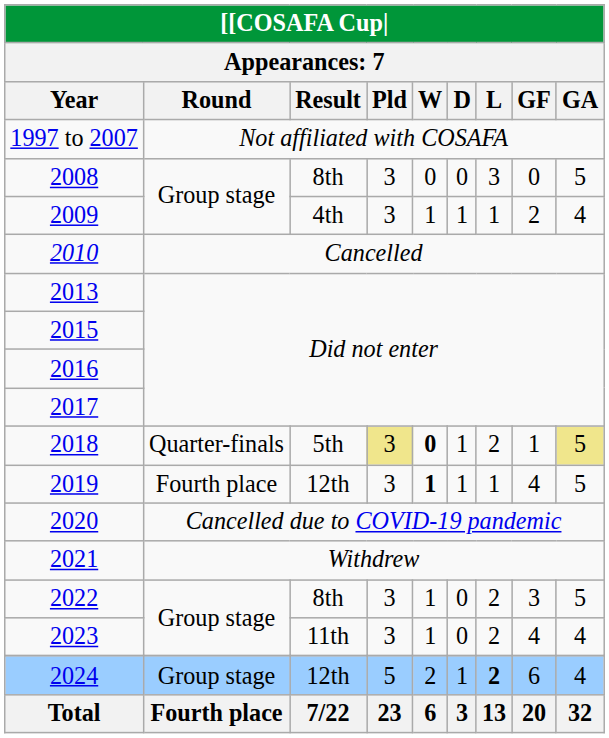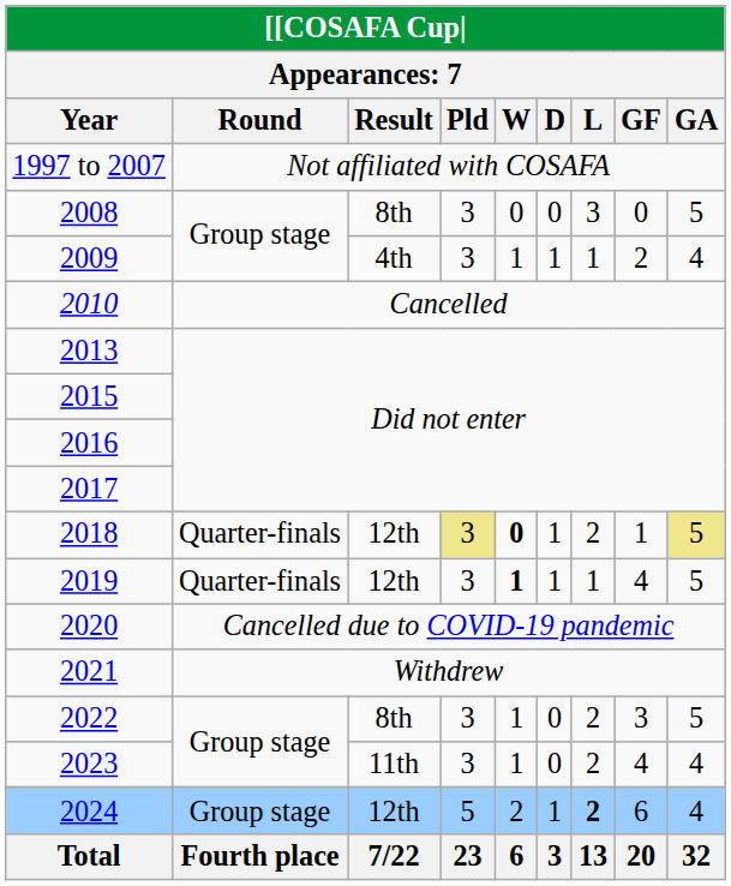 <table class="wikitable" style="text-align: center;">
 <tr>
 <th colspan=9 style="background:#009639; color:white; ">[[COSAFA Cup|</th>
 </tr>
 <tr>
 <th colspan=9>Appearances: 7</th>
 </tr>
 <tr>
 <th>Year</th>
 <th>Round</th>
 <th>Result</th>
 <th>Pld</th>
 <th>W</th>
 <th>D</th>
 <th>L</th>
 <th>GF</th>
 <th>GA</th>
 </tr>
 <tr>
 <td><a href='#'>1997</a> to <a href='#'>2007</a></td>
 <td colspan=8><em>Not affiliated with COSAFA</em></td>
 </tr>
 <tr>
 <td> <a href='#'>2008</a></td>
 <td rowspan=2>Group stage</td>
 <td>8th</td>
 <td>3</td>
 <td>0</td>
 <td>0</td>
 <td>3</td>
 <td>0</td>
 <td>5</td>
 </tr>
 <tr>
 <td> <a href='#'>2009</a></td>
 <td>4th</td>
 <td>3</td>
 <td>1</td>
 <td>1</td>
 <td>1</td>
 <td>2</td>
 <td>4</td>
 </tr>
 <tr>
 <td> <em><a href='#'>2010</a></em></td>
 <td colspan=8><em>Cancelled</em></td>
 </tr>
 <tr>
 <td> <a href='#'>2013</a></td>
 <td colspan=8 rowspan=4><em>Did not enter</em></td>
 </tr>
 <tr>
 <td> <a href='#'>2015</a></td>
 </tr>
 <tr>
 <td> <a href='#'>2016</a></td>
 </tr>
 <tr>
 <td> <a href='#'>2017</a></td>
 </tr>
 <tr>
 <td> <a href='#'>2018</a></td>
 <td>Quarter-finals</td>
-<td>5th</td>
+<td>12th</td>
 <td style="background: khaki;">3</td>
 <td><strong>0</strong></td>
 <td>1</td>
 <td>2</td>
 <td>1</td>
 <td style="background: khaki;">5</td>
 </tr>
 <tr>
 <td> <a href='#'>2019</a></td>
-<td>Fourth place</td>
+<td>Quarter-finals</td>
 <td>12th</td>
 <td>3</td>
 <td><strong>1</strong></td>
 <td>1</td>
 <td>1</td>
 <td>4</td>
 <td>5</td>
 </tr>
 <tr>
 <td> <a href='#'>2020</a></td>
 <td colspan=8><em>Cancelled due to <a href='#'>COVID-19 pandemic</a></em></td>
 </tr>
 <tr>
 <td> <a href='#'>2021</a></td>
 <td colspan="8"><em>Withdrew</em></td>
 </tr>
 <tr>
 <td> <a href='#'>2022</a></td>
 <td rowspan="2">Group stage</td>
 <td>8th</td>
 <td>3</td>
 <td>1</td>
 <td>0</td>
 <td>2</td>
 <td>3</td>
 <td>5</td>
 </tr>
 <tr>
 <td> <a href='#'>2023</a></td>
 <td>11th</td>
 <td>3</td>
 <td>1</td>
 <td>0</td>
 <td>2</td>
 <td>4</td>
 <td>4</td>
 </tr>
 <tr>
 </tr>
 <tr style="background:#9acdff">
 <td> <a href='#'>2024</a></td>
 <td>Group stage</td>
 <td>12th</td>
 <td>5</td>
 <td>2</td>
 <td>1</td>
 <td><strong>2</strong></td>
 <td>6</td>
 <td>4</td>
 </tr>
 <tr>
 <th>Total</th>
 <th>Fourth place</th>
 <th>7/22</th>
 <th>23</th>
 <th>6</th>
 <th>3</th>
 <th>13</th>
 <th>20</th>
 <th>32</th>
 </tr>
 </table>
